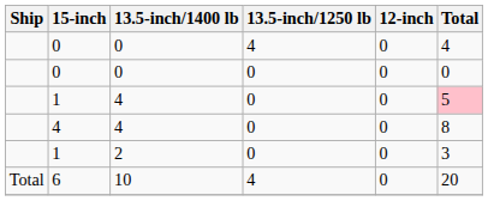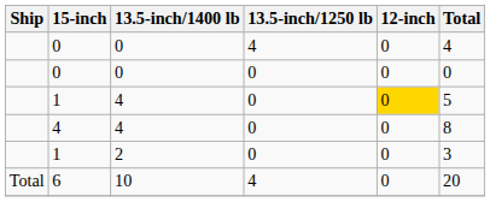 <table class="wikitable">
 <tr>
 <th>Ship</th>
 <th>15-inch</th>
 <th>13.5-inch/1400 lb</th>
 <th>13.5-inch/1250 lb</th>
 <th>12-inch</th>
 <th>Total</th>
 </tr>
 <tr>
 <td></td>
 <td>0</td>
 <td>0</td>
 <td>4</td>
 <td>0</td>
 <td>4</td>
 </tr>
 <tr>
 <td></td>
 <td>0</td>
 <td>0</td>
 <td>0</td>
 <td>0</td>
 <td>0</td>
 </tr>
 <tr>
 <td></td>
 <td>1</td>
 <td>4</td>
 <td>0</td>
-<td>0</td>
-<td style="background: pink;">5</td>
+<td style="background: gold;">0</td>
+<td>5</td>
 </tr>
 <tr>
 <td></td>
 <td>4</td>
 <td>4</td>
 <td>0</td>
 <td>0</td>
 <td>8</td>
 </tr>
 <tr>
 <td></td>
 <td>1</td>
 <td>2</td>
 <td>0</td>
 <td>0</td>
 <td>3</td>
 </tr>
 <tr>
 <td>Total</td>
 <td>6</td>
 <td>10</td>
 <td>4</td>
 <td>0</td>
 <td>20</td>
 </tr>
 <tr>
 </tr>
 </table>
